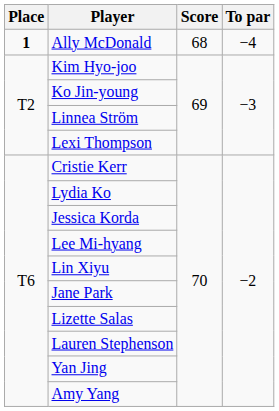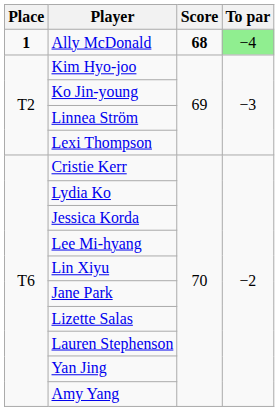 <table class="wikitable">
 <tr>
 <th>Place</th>
 <th>Player</th>
 <th>Score</th>
 <th>To par</th>
 </tr>
 <tr>
 <td align=center><strong>1</strong></td>
 <td> <a href='#'>Ally McDonald</a></td>
-<td align=center>68</td>
-<td align=center>−4</td>
+<td align=center><strong>68</strong></td>
+<td align=center style="background: lightgreen;">−4</td>
 </tr>
 <tr>
 <td rowspan=4 align=center>T2</td>
 <td> <a href='#'>Kim Hyo-joo</a></td>
 <td rowspan=4 align=center>69</td>
 <td rowspan=4 align=center>−3</td>
 </tr>
 <tr>
 <td> <a href='#'>Ko Jin-young</a></td>
 </tr>
 <tr>
 <td> <a href='#'>Linnea Ström</a></td>
 </tr>
 <tr>
 <td> <a href='#'>Lexi Thompson</a></td>
 </tr>
 <tr>
 <td rowspan=10 align=center>T6</td>
 <td> <a href='#'>Cristie Kerr</a></td>
 <td rowspan=10 align=center>70</td>
 <td rowspan=10 align=center>−2</td>
 </tr>
 <tr>
 <td> <a href='#'>Lydia Ko</a></td>
 </tr>
 <tr>
 <td> <a href='#'>Jessica Korda</a></td>
 </tr>
 <tr>
 <td> <a href='#'>Lee Mi-hyang</a></td>
 </tr>
 <tr>
 <td> <a href='#'>Lin Xiyu</a></td>
 </tr>
 <tr>
 <td> <a href='#'>Jane Park</a></td>
 </tr>
 <tr>
 <td> <a href='#'>Lizette Salas</a></td>
 </tr>
 <tr>
 <td> <a href='#'>Lauren Stephenson</a></td>
 </tr>
 <tr>
 <td> <a href='#'>Yan Jing</a></td>
 </tr>
 <tr>
 <td> <a href='#'>Amy Yang</a></td>
 </tr>
 </table>
